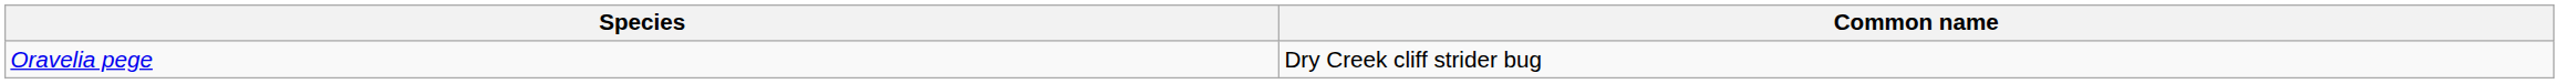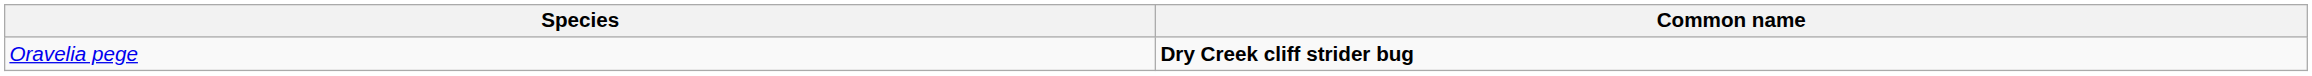 <table width=90% class="wikitable">
 <tr>
 <th width=25%>Species</th>
 <th width=25%>Common name</th>
 </tr>
 <tr>
 <td><em><a href='#'>Oravelia pege</a></em></td>
-<td>Dry Creek cliff strider bug</td>
+<td><strong>Dry Creek cliff strider bug</strong></td>
 </tr>
 </table>
